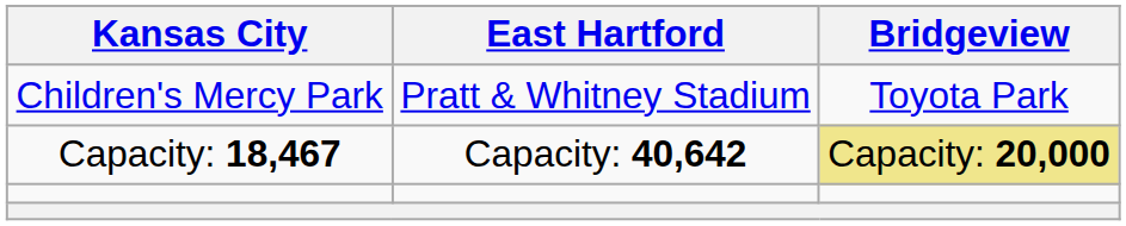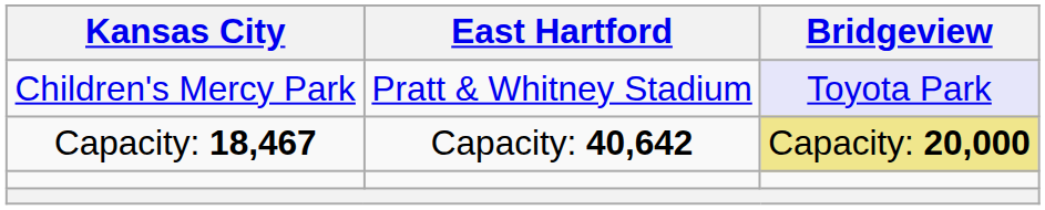 <table class="wikitable" style="text-align:center;margin:1em auto;">
 <tr>
 <th><a href='#'>Kansas City</a></th>
 <th><a href='#'>East Hartford</a></th>
 <th><a href='#'>Bridgeview</a></th>
 </tr>
 <tr>
 <td><a href='#'>Children's Mercy Park</a></td>
 <td><a href='#'>Pratt & Whitney Stadium</a></td>
-<td><a href='#'>Toyota Park</a></td>
+<td style="background: lavender;"><a href='#'>Toyota Park</a></td>
 </tr>
 <tr>
 <td>Capacity: <strong>18,467</strong></td>
 <td>Capacity: <strong>40,642</strong></td>
 <td style="background: khaki;">Capacity: <strong>20,000</strong></td>
 </tr>
 <tr>
 <td></td>
 <td></td>
 <td></td>
 </tr>
 <tr>
 <th colspan=5></th>
 </tr>
 </table>
